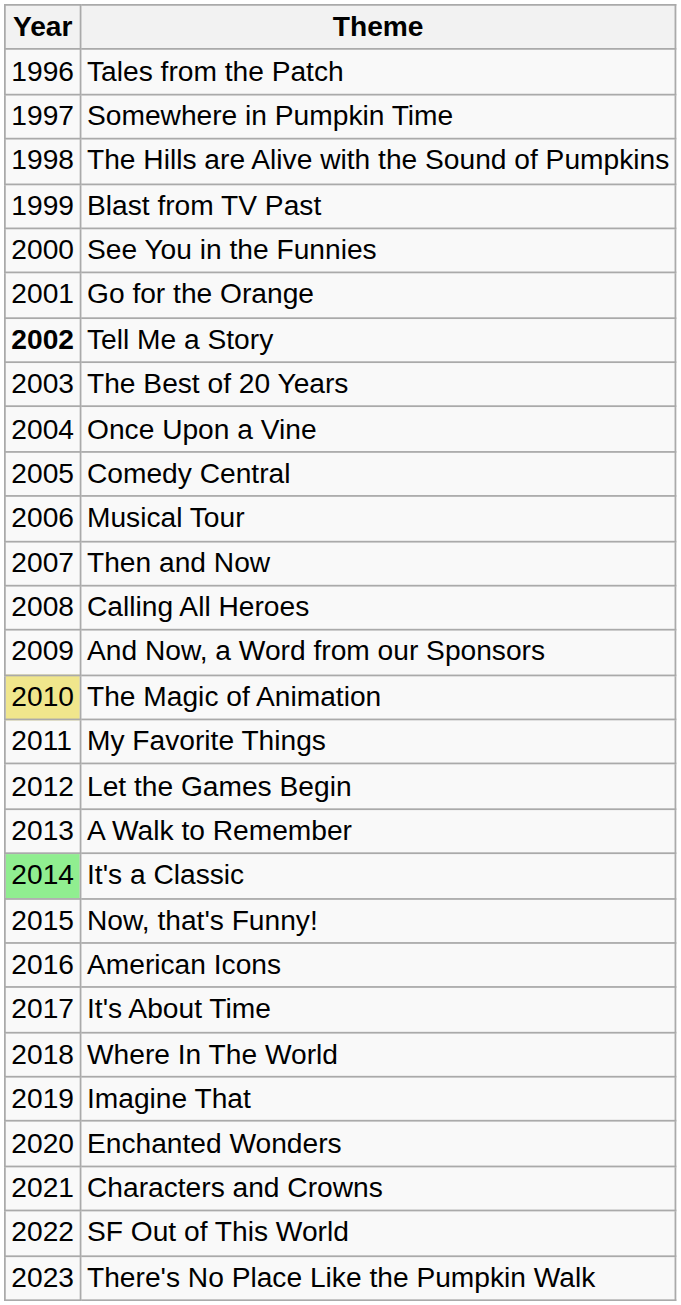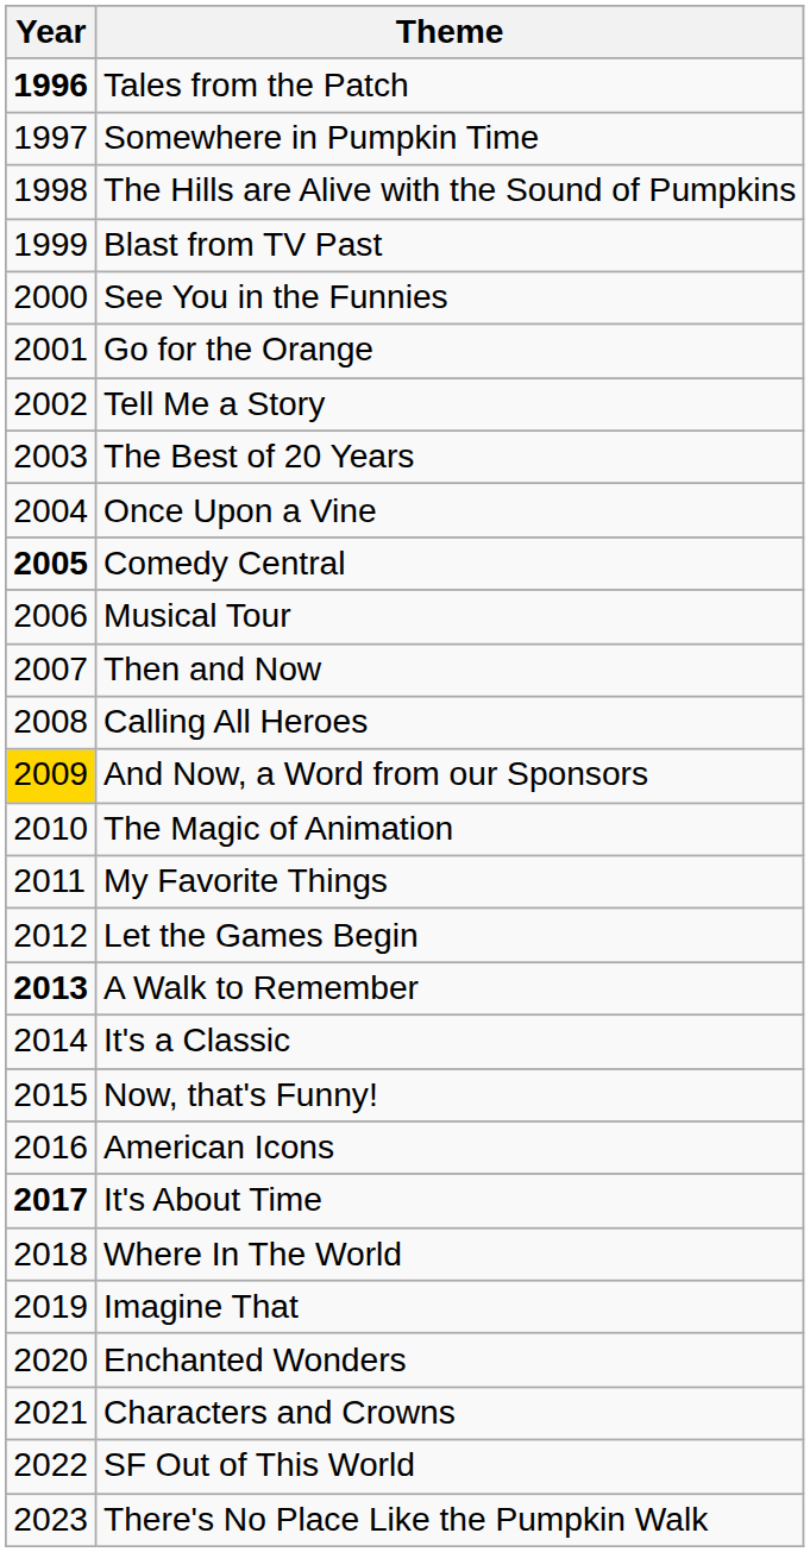 <table class="wikitable">
 <tr>
 <th>Year</th>
 <th>Theme</th>
 </tr>
 <tr>
-<td>1996</td>
+<td><strong>1996</strong></td>
 <td>Tales from the Patch</td>
 </tr>
 <tr>
 <td>1997</td>
 <td>Somewhere in Pumpkin Time</td>
 </tr>
 <tr>
 <td>1998</td>
 <td>The Hills are Alive with the Sound of Pumpkins</td>
 </tr>
 <tr>
 <td>1999</td>
 <td>Blast from TV Past</td>
 </tr>
 <tr>
 <td>2000</td>
 <td>See You in the Funnies</td>
 </tr>
 <tr>
 <td>2001</td>
 <td>Go for the Orange</td>
 </tr>
 <tr>
-<td><strong>2002</strong></td>
+<td>2002</td>
 <td>Tell Me a Story</td>
 </tr>
 <tr>
 <td>2003</td>
 <td>The Best of 20 Years</td>
 </tr>
 <tr>
 <td>2004</td>
 <td>Once Upon a Vine</td>
 </tr>
 <tr>
-<td>2005</td>
+<td><strong>2005</strong></td>
 <td>Comedy Central</td>
 </tr>
 <tr>
 <td>2006</td>
 <td>Musical Tour</td>
 </tr>
 <tr>
 <td>2007</td>
 <td>Then and Now</td>
 </tr>
 <tr>
 <td>2008</td>
 <td>Calling All Heroes</td>
 </tr>
 <tr>
-<td>2009</td>
+<td style="background: gold;">2009</td>
 <td>And Now, a Word from our Sponsors</td>
 </tr>
 <tr>
-<td style="background: khaki;">2010</td>
+<td>2010</td>
 <td>The Magic of Animation</td>
 </tr>
 <tr>
 <td>2011</td>
 <td>My Favorite Things</td>
 </tr>
 <tr>
 <td>2012</td>
 <td>Let the Games Begin</td>
 </tr>
 <tr>
-<td>2013</td>
+<td><strong>2013</strong></td>
 <td>A Walk to Remember</td>
 </tr>
 <tr>
-<td style="background: lightgreen;">2014</td>
+<td>2014</td>
 <td>It's a Classic</td>
 </tr>
 <tr>
 <td>2015</td>
 <td>Now, that's Funny!</td>
 </tr>
 <tr>
 <td>2016</td>
 <td>American Icons</td>
 </tr>
 <tr>
-<td>2017</td>
+<td><strong>2017</strong></td>
 <td>It's About Time</td>
 </tr>
 <tr>
 <td>2018</td>
 <td>Where In The World</td>
 </tr>
 <tr>
 <td>2019</td>
 <td>Imagine That</td>
 </tr>
 <tr>
 <td>2020</td>
 <td>Enchanted Wonders</td>
 </tr>
 <tr>
 <td>2021</td>
 <td>Characters and Crowns </td>
 </tr>
 <tr>
 <td>2022</td>
 <td>SF Out of This World </td>
 </tr>
 <tr>
 <td>2023</td>
 <td>There's No Place Like the Pumpkin Walk </td>
 </tr>
 </table>
